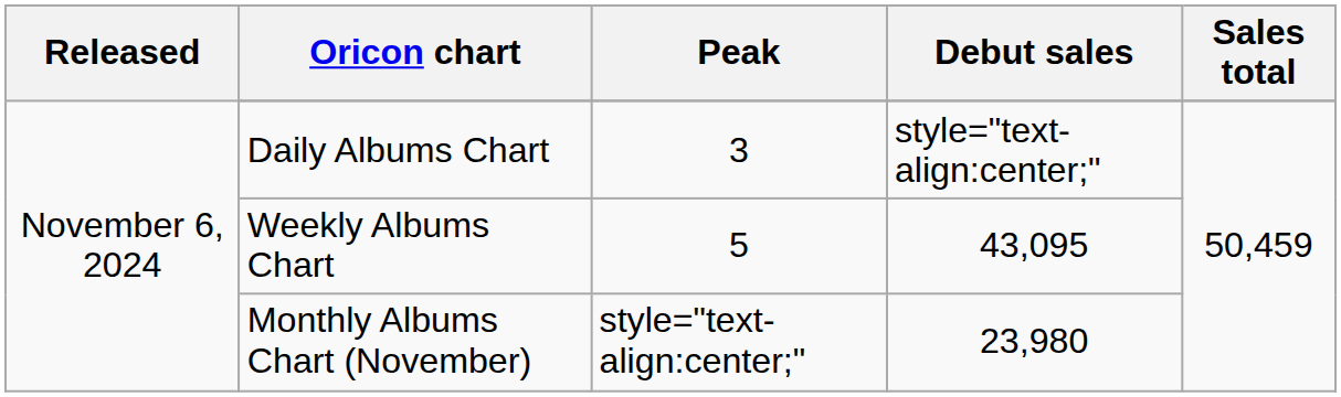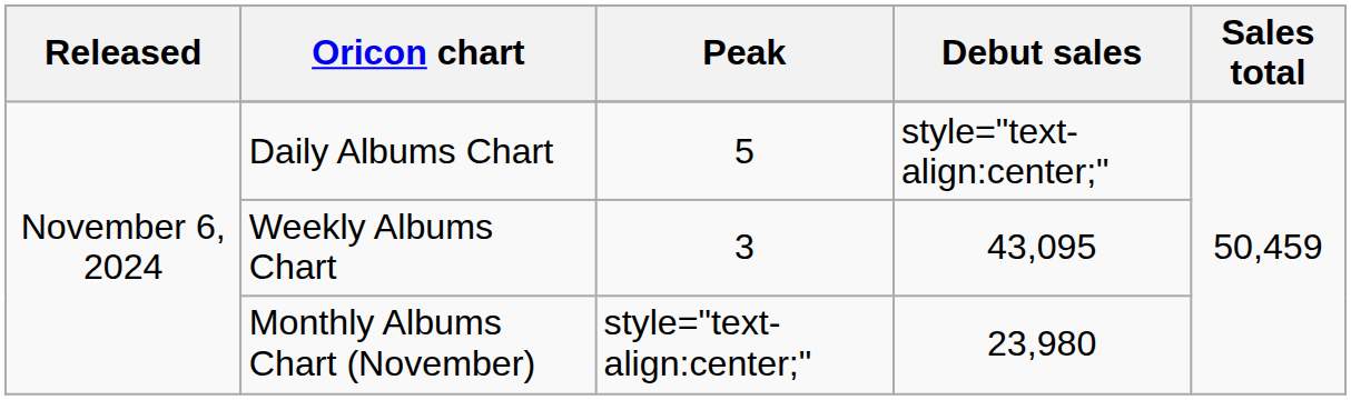 <table class="wikitable" style="width:600px;">
 <tr>
 <th style="text-align:center;">Released</th>
 <th style="text-align:center;"><a href='#'>Oricon</a> chart</th>
 <th style="text-align:center;">Peak</th>
 <th style="text-align:center;">Debut sales</th>
 <th style="text-align:center;">Sales total</th>
 </tr>
 <tr>
 <td style="text-align:center;" rowspan="4">November 6, 2024</td>
 </tr>
 <tr>
 <td align="left">Daily Albums Chart</td>
-<td style="text-align:center;">3</td>
+<td style="text-align:center;">5</td>
 <td>style="text-align:center;" </td>
 <td style="text-align:center;" rowspan="4">50,459</td>
 </tr>
 <tr>
 <td align="left">Weekly Albums Chart</td>
-<td style="text-align:center;">5</td>
+<td style="text-align:center;">3</td>
 <td style="text-align:center;">43,095</td>
 </tr>
 <tr>
 <td align="left">Monthly Albums Chart (November)</td>
 <td>style="text-align:center;" </td>
 <td style="text-align:center;">23,980</td>
 </tr>
 </table>
